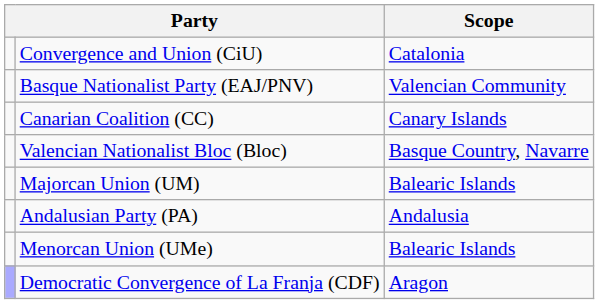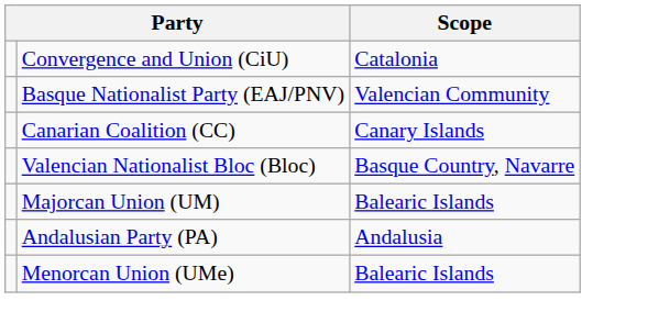 <table class="wikitable" style="text-align:left; font-size:95%;">
 <tr>
 <th colspan="2">Party</th>
 <th>Scope</th>
 </tr>
 <tr>
 <td width="1"></td>
 <td><a href='#'>Convergence and Union</a> (CiU)</td>
 <td><a href='#'>Catalonia</a></td>
 </tr>
 <tr>
 <td></td>
 <td><a href='#'>Basque Nationalist Party</a> (EAJ/PNV)</td>
 <td><a href='#'>Valencian Community</a></td>
 </tr>
 <tr>
 <td></td>
 <td><a href='#'>Canarian Coalition</a> (CC)</td>
 <td><a href='#'>Canary Islands</a></td>
 </tr>
 <tr>
 <td></td>
 <td><a href='#'>Valencian Nationalist Bloc</a> (Bloc)</td>
 <td><a href='#'>Basque Country</a>, <a href='#'>Navarre</a></td>
 </tr>
 <tr>
 <td></td>
 <td><a href='#'>Majorcan Union</a> (UM)</td>
 <td><a href='#'>Balearic Islands</a></td>
 </tr>
 <tr>
 <td></td>
 <td><a href='#'>Andalusian Party</a> (PA)</td>
 <td><a href='#'>Andalusia</a></td>
 </tr>
 <tr>
 <td></td>
 <td><a href='#'>Menorcan Union</a> (UMe)</td>
 <td><a href='#'>Balearic Islands</a></td>
 </tr>
-<tr>
-<td bgcolor="#AAAAFF"></td>
-<td><a href='#'>Democratic Convergence of La Franja</a> (CDF)</td>
-<td><a href='#'>Aragon</a></td>
-</tr>
 </table>
